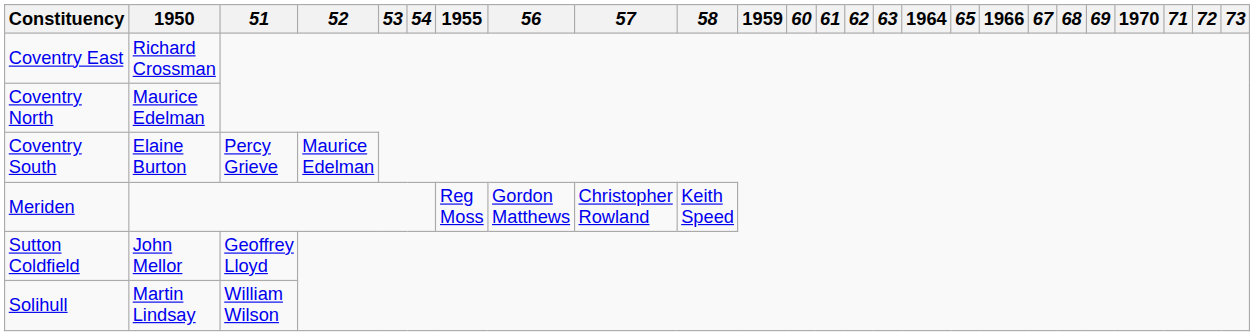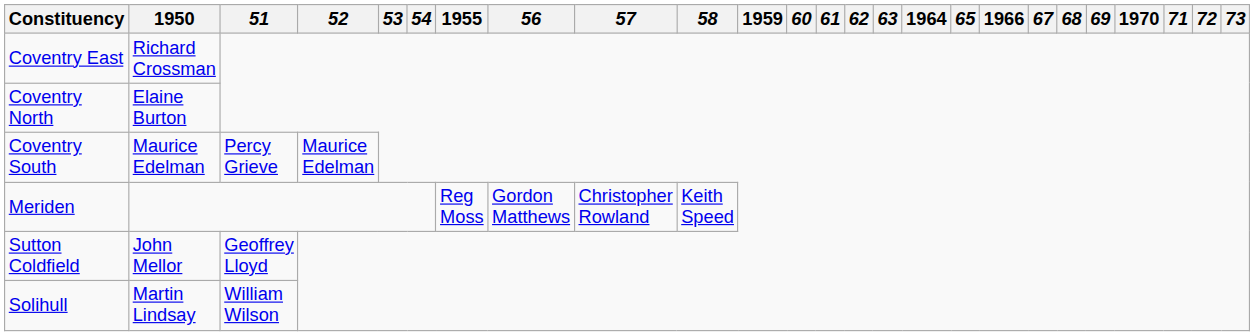 <table class="wikitable">
 <tr>
 <th>Constituency</th>
 <th>1950</th>
 <th><em>51</em></th>
 <th><em>52</em></th>
 <th><em>53</em></th>
 <th><em>54</em></th>
 <th>1955</th>
 <th><em>56</em></th>
 <th><em>57</em></th>
 <th><em>58</em></th>
 <th>1959</th>
 <th><em>60</em></th>
 <th><em>61</em></th>
 <th><em>62</em></th>
 <th><em>63</em></th>
 <th>1964</th>
 <th><em>65</em></th>
 <th>1966</th>
 <th><em>67</em></th>
 <th><em>68</em></th>
 <th><em>69</em></th>
 <th>1970</th>
 <th><em>71</em></th>
 <th><em>72</em></th>
 <th><em>73</em></th>
 </tr>
 <tr>
 <td><a href='#'>Coventry East</a></td>
 <td><a href='#'>Richard Crossman</a></td>
 </tr>
 <tr>
 <td><a href='#'>Coventry North</a></td>
-<td><a href='#'>Maurice Edelman</a></td>
+<td><a href='#'>Elaine Burton</a></td>
 </tr>
 <tr>
 <td><a href='#'>Coventry South</a></td>
-<td><a href='#'>Elaine Burton</a></td>
+<td><a href='#'>Maurice Edelman</a></td>
 <td><a href='#'>Percy Grieve</a></td>
 <td><a href='#'>Maurice Edelman</a></td>
 </tr>
 <tr>
 <td><a href='#'>Meriden</a></td>
 <td colspan=5></td>
 <td><a href='#'>Reg Moss</a></td>
 <td><a href='#'>Gordon Matthews</a></td>
 <td><a href='#'>Christopher Rowland</a></td>
 <td><a href='#'>Keith Speed</a></td>
 </tr>
 <tr>
 <td><a href='#'>Sutton Coldfield</a></td>
 <td><a href='#'>John Mellor</a></td>
 <td><a href='#'>Geoffrey Lloyd</a></td>
 </tr>
 <tr>
 <td><a href='#'>Solihull</a></td>
 <td><a href='#'>Martin Lindsay</a></td>
 <td><a href='#'>William Wilson</a></td>
 </tr>
 </table>
